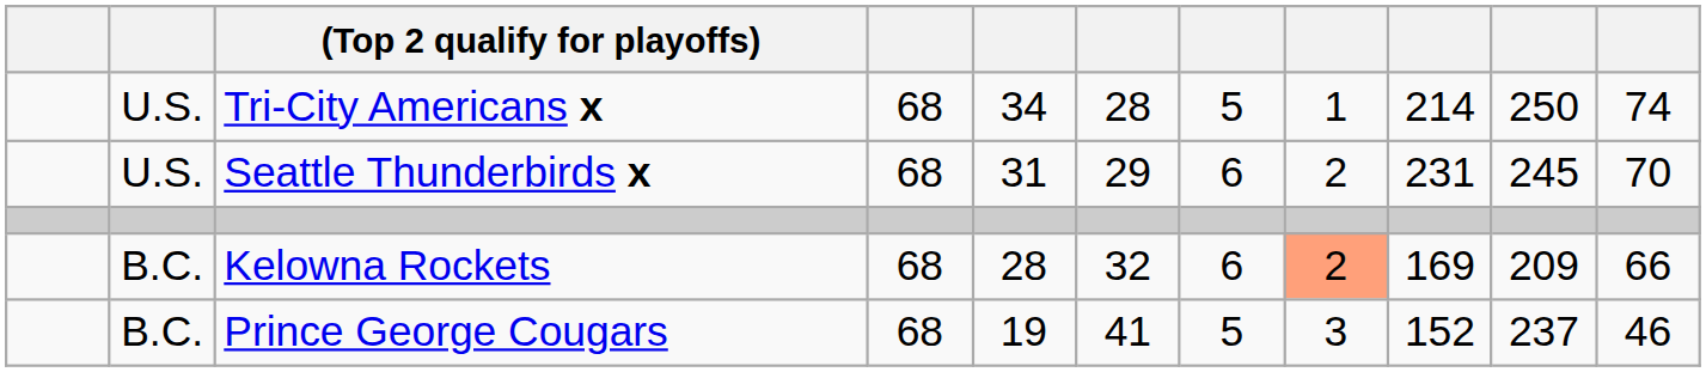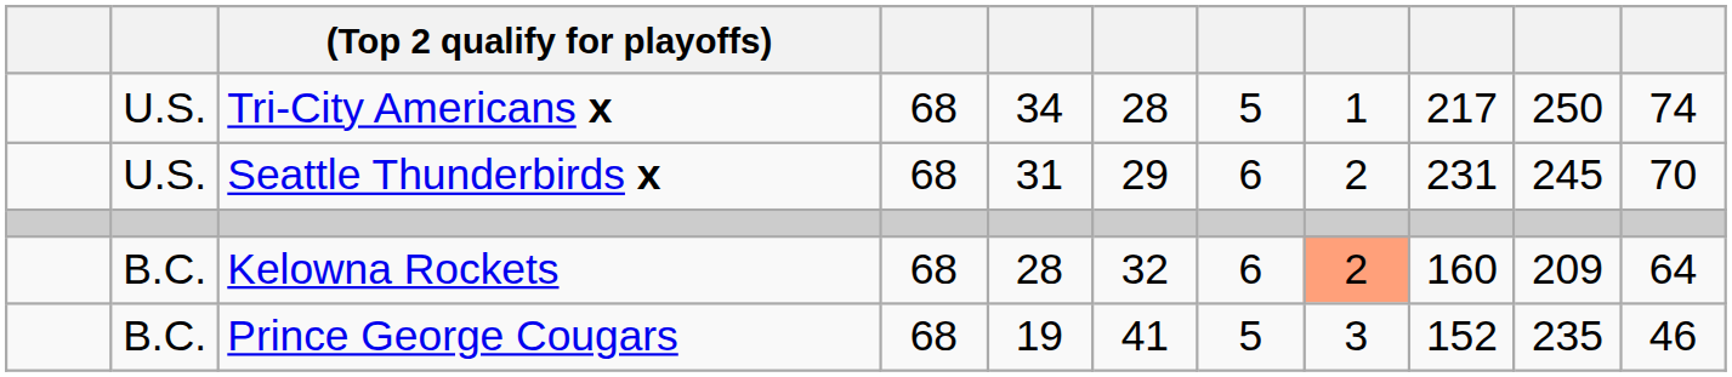 <table class="wikitable sortable">
 <tr>
 <th style="width:2em"></th>
 <th style="width:2em;"></th>
 <th style="width:15em;" class="unsortable"><small>(Top 2 qualify for playoffs)</small></th>
 <th style="width:2em;"></th>
 <th style="width:2em;"></th>
 <th style="width:2em;"></th>
 <th style="width:2em;"></th>
 <th style="width:2em;"></th>
 <th style="width:2em;"></th>
 <th style="width:2em;"></th>
 <th style="width:2em;"></th>
 </tr>
 <tr style="text-align: center;">
 <td></td>
 <td>U.S.</td>
 <td style="text-align:left;"><a href='#'>Tri-City Americans</a> <strong>x</strong></td>
 <td>68</td>
 <td>34</td>
 <td>28</td>
 <td>5</td>
 <td>1</td>
-<td>214</td>
+<td>217</td>
 <td>250</td>
 <td>74</td>
 </tr>
 <tr style="text-align: center;">
 <td></td>
 <td>U.S.</td>
 <td style="text-align:left;"><a href='#'>Seattle Thunderbirds</a> <strong>x</strong></td>
 <td>68</td>
 <td>31</td>
 <td>29</td>
 <td>6</td>
 <td>2</td>
 <td>231</td>
 <td>245</td>
 <td>70</td>
 </tr>
 <tr style="color:#cccccc;background-color:#cccccc">
 <td style="height:2px"></td>
 <td></td>
 <td></td>
 <td></td>
 <td></td>
 <td></td>
 <td></td>
 <td></td>
 <td></td>
 <td></td>
 <td></td>
 </tr>
 <tr style="font-weight: ; text-align: center;">
 <td></td>
 <td>B.C.</td>
 <td style="text-align:left;"><a href='#'>Kelowna Rockets</a></td>
 <td>68</td>
 <td>28</td>
 <td>32</td>
 <td>6</td>
 <td style="background: lightsalmon;">2</td>
-<td>169</td>
+<td>160</td>
 <td>209</td>
-<td>66</td>
+<td>64</td>
 </tr>
 <tr style="font-weight: ; text-align: center;">
 <td></td>
 <td>B.C.</td>
 <td style="text-align:left;"><a href='#'>Prince George Cougars</a></td>
 <td>68</td>
 <td>19</td>
 <td>41</td>
 <td>5</td>
 <td>3</td>
 <td>152</td>
-<td>237</td>
+<td>235</td>
 <td>46</td>
 </tr>
 </table>
